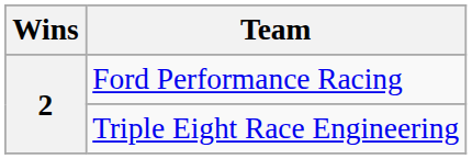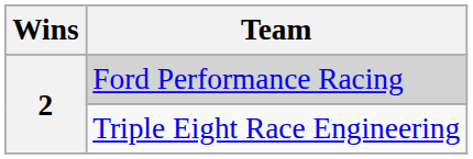 <table class="wikitable" style="font-size: 95%;">
 <tr>
 <th>Wins</th>
 <th>Team</th>
 </tr>
 <tr>
 <th rowspan="2">2</th>
-<td><a href='#'>Ford Performance Racing</a></td>
+<td style="background: lightgrey;"><a href='#'>Ford Performance Racing</a></td>
 </tr>
 <tr>
 <td><a href='#'>Triple Eight Race Engineering</a></td>
 </tr>
 </table>
